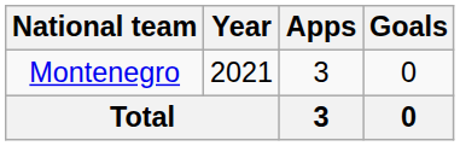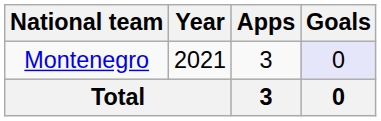 <table class="wikitable" style="text-align:center">
 <tr>
 <th>National team</th>
 <th>Year</th>
 <th>Apps</th>
 <th>Goals</th>
 </tr>
 <tr>
 <td><a href='#'>Montenegro</a></td>
 <td>2021</td>
 <td>3</td>
-<td>0</td>
+<td style="background: lavender;">0</td>
 </tr>
 <tr>
 <th colspan="2">Total</th>
 <th>3</th>
 <th>0</th>
 </tr>
 </table>
